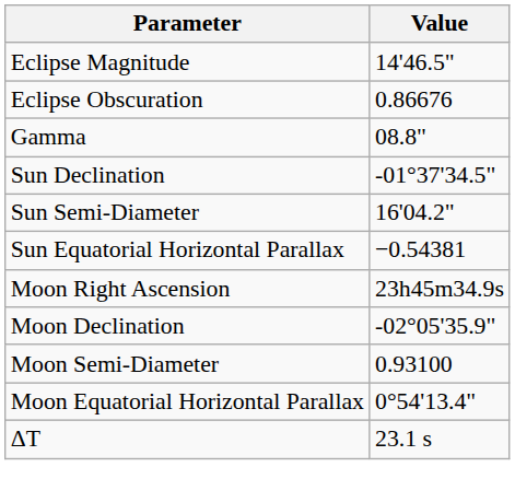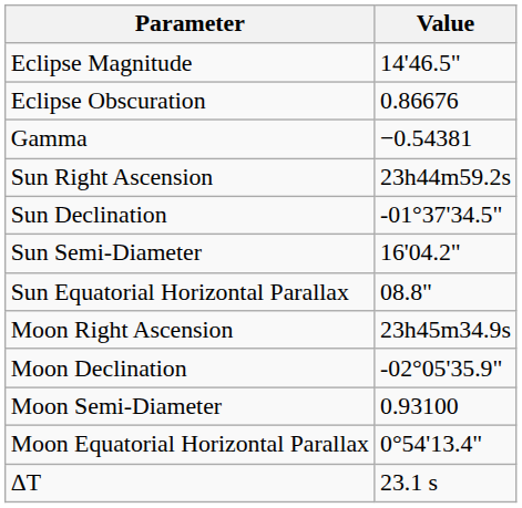 <table class="wikitable">
 <tr>
 <th>Parameter</th>
 <th>Value</th>
 </tr>
 <tr>
 <td>Eclipse Magnitude</td>
 <td>14'46.5"</td>
 </tr>
 <tr>
 <td>Eclipse Obscuration</td>
 <td>0.86676</td>
 </tr>
 <tr>
 <td>Gamma</td>
-<td>08.8"</td>
+<td>−0.54381</td>
+</tr>
+<tr>
+<td>Sun Right Ascension</td>
+<td>23h44m59.2s</td>
 </tr>
 <tr>
 <td>Sun Declination</td>
 <td>-01°37'34.5"</td>
 </tr>
 <tr>
 <td>Sun Semi-Diameter</td>
 <td>16'04.2"</td>
 </tr>
 <tr>
 <td>Sun Equatorial Horizontal Parallax</td>
-<td>−0.54381</td>
+<td>08.8"</td>
 </tr>
 <tr>
 <td>Moon Right Ascension</td>
 <td>23h45m34.9s</td>
 </tr>
 <tr>
 <td>Moon Declination</td>
 <td>-02°05'35.9"</td>
 </tr>
 <tr>
 <td>Moon Semi-Diameter</td>
 <td>0.93100</td>
 </tr>
 <tr>
 <td>Moon Equatorial Horizontal Parallax</td>
 <td>0°54'13.4"</td>
 </tr>
 <tr>
 <td>ΔT</td>
 <td>23.1 s</td>
 </tr>
 </table>
